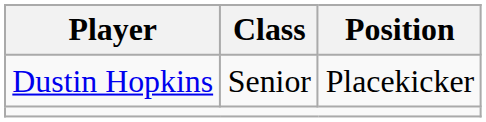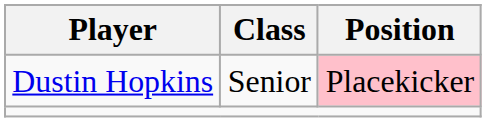 <table class="wikitable">
 <tr>
 <th>Player</th>
 <th>Class</th>
 <th>Position</th>
 </tr>
 <tr>
 <td><a href='#'>Dustin Hopkins</a></td>
 <td>Senior</td>
-<td>Placekicker</td>
+<td style="background: pink;">Placekicker</td>
 </tr>
 <tr>
 <td colspan="3"  style="font-size:8pt; text-align:center;"></td>
 </tr>
 </table>
